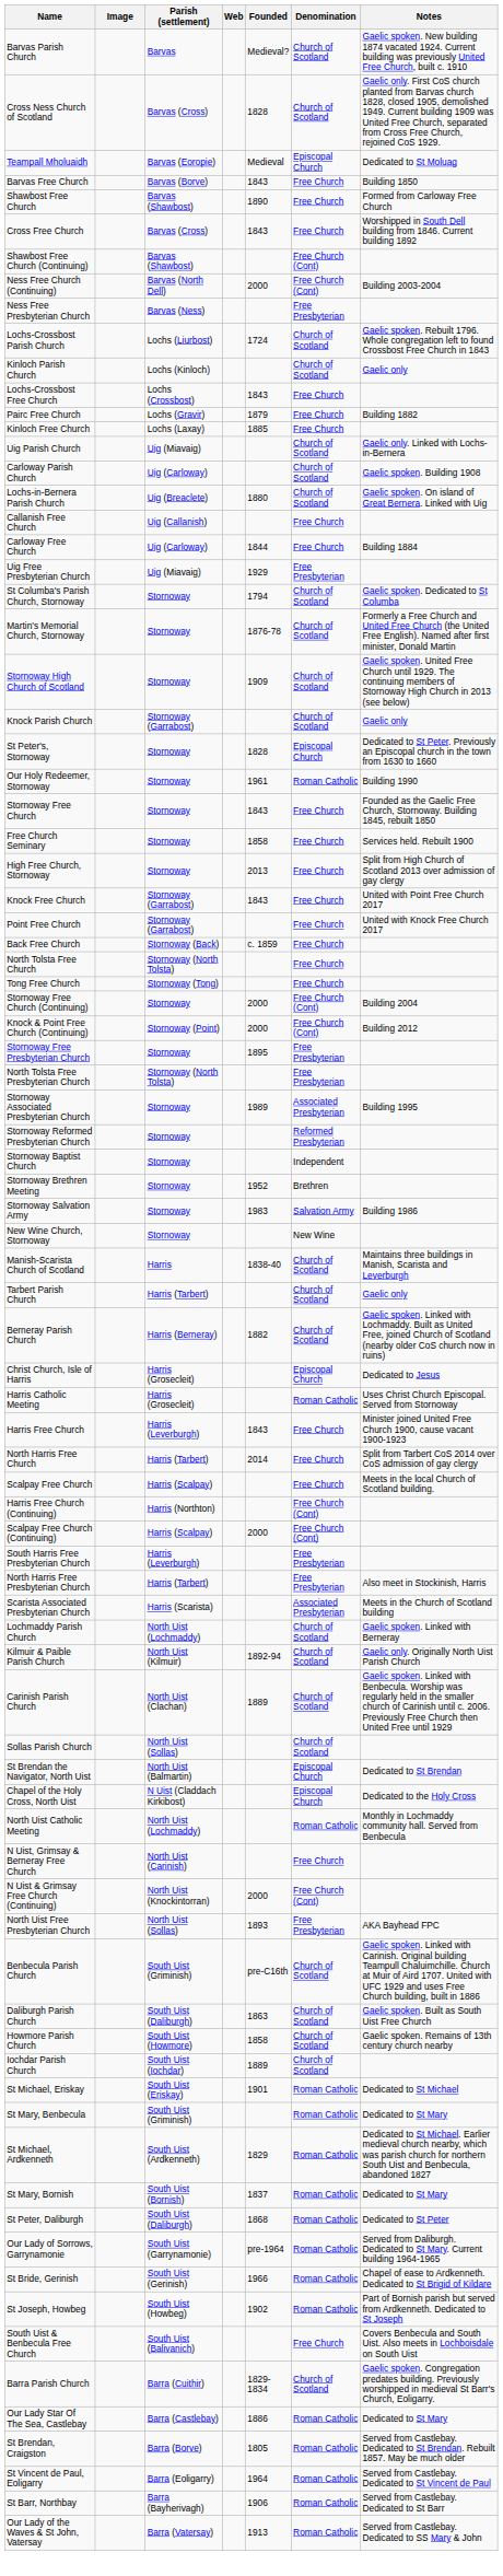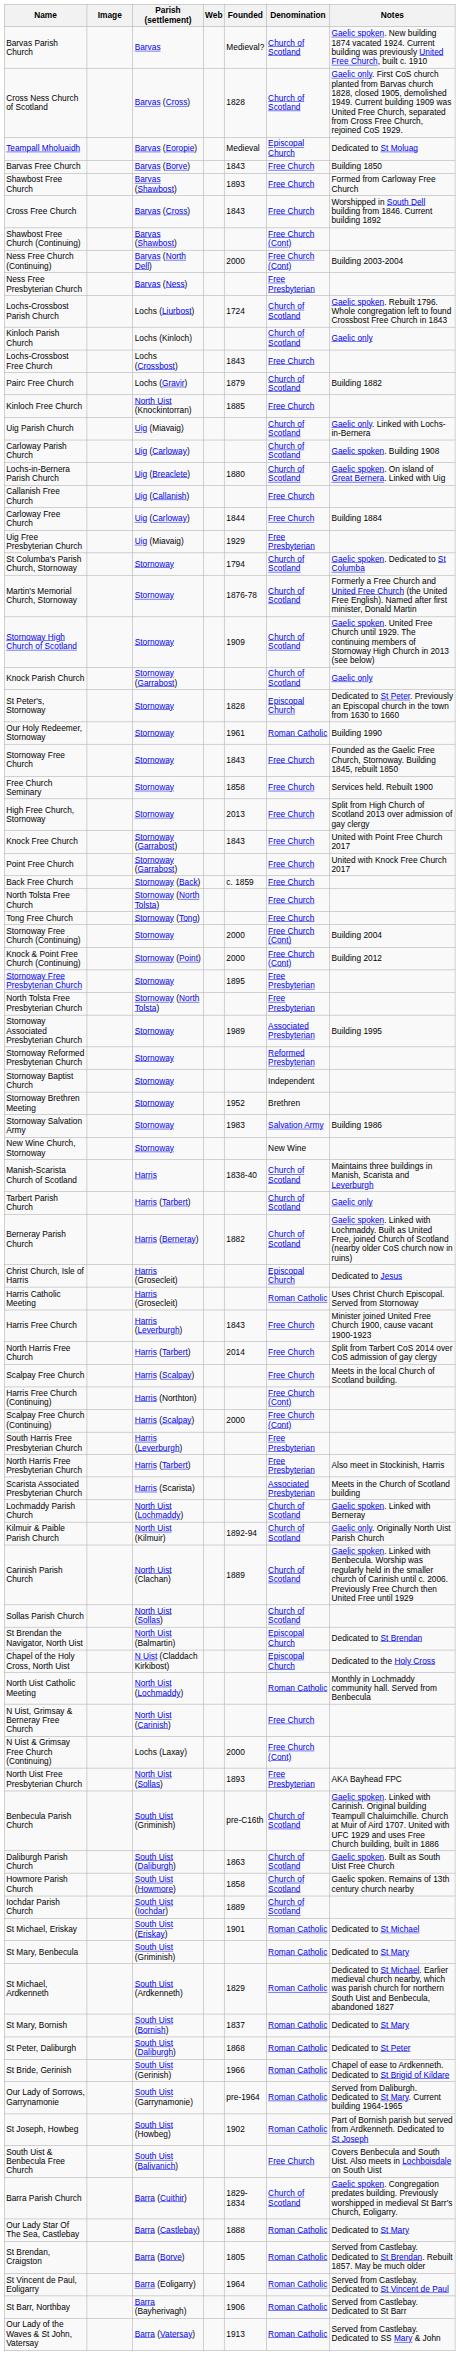 <table class="wikitable sortable">
 <tr>
 <th scope="col" width="250">Name</th>
 <th scope="col" width="150">Image</th>
 <th scope="col" width="160">Parish (settlement)</th>
 <th scope="col" width="25">Web</th>
 <th scope="col" width="65">Founded</th>
 <th scope="col" width="130">Denomination</th>
 <th scope="col" width="500">Notes</th>
 </tr>
 <tr>
 <td>Barvas Parish Church</td>
 <td></td>
 <td><a href='#'>Barvas</a></td>
 <td></td>
 <td>Medieval?</td>
 <td><a href='#'>Church of Scotland</a></td>
 <td><a href='#'>Gaelic spoken</a>. New building 1874 vacated 1924. Current building was previously <a href='#'>United Free Church</a>, built c. 1910</td>
 </tr>
 <tr>
 <td>Cross Ness Church of Scotland</td>
 <td></td>
 <td><a href='#'>Barvas</a> (<a href='#'>Cross</a>)</td>
 <td></td>
 <td>1828</td>
 <td><a href='#'>Church of Scotland</a></td>
 <td><a href='#'>Gaelic only</a>. First CoS church planted from Barvas church 1828, closed 1905, demolished 1949. Current building 1909 was United Free Church, separated from Cross Free Church, rejoined CoS 1929.</td>
 </tr>
 <tr>
 <td><a href='#'>Teampall Mholuaidh</a></td>
 <td></td>
 <td><a href='#'>Barvas</a> (<a href='#'>Eoropie</a>)</td>
 <td></td>
 <td>Medieval</td>
 <td><a href='#'>Episcopal Church</a></td>
 <td>Dedicated to <a href='#'>St Moluag</a></td>
 </tr>
 <tr>
 <td>Barvas Free Church</td>
 <td></td>
 <td><a href='#'>Barvas</a> (<a href='#'>Borve</a>)</td>
 <td></td>
 <td>1843</td>
 <td><a href='#'>Free Church</a></td>
 <td>Building 1850</td>
 </tr>
 <tr>
 <td>Shawbost Free Church</td>
 <td></td>
 <td><a href='#'>Barvas</a> (<a href='#'>Shawbost</a>)</td>
 <td></td>
-<td>1890</td>
+<td>1893</td>
 <td><a href='#'>Free Church</a></td>
 <td>Formed from Carloway Free Church</td>
 </tr>
 <tr>
 <td>Cross Free Church</td>
 <td></td>
 <td><a href='#'>Barvas</a> (<a href='#'>Cross</a>)</td>
 <td></td>
 <td>1843</td>
 <td><a href='#'>Free Church</a></td>
 <td>Worshipped in <a href='#'>South Dell</a> building from 1846. Current building 1892</td>
 </tr>
 <tr>
 <td>Shawbost Free Church (Continuing)</td>
 <td></td>
 <td><a href='#'>Barvas</a> (<a href='#'>Shawbost</a>)</td>
 <td></td>
 <td></td>
 <td><a href='#'>Free Church (Cont)</a></td>
 <td></td>
 </tr>
 <tr>
 <td>Ness Free Church (Continuing)</td>
 <td></td>
 <td><a href='#'>Barvas</a> (<a href='#'>North Dell</a>)</td>
 <td></td>
 <td>2000</td>
 <td><a href='#'>Free Church (Cont)</a></td>
 <td>Building 2003-2004</td>
 </tr>
 <tr>
 <td>Ness Free Presbyterian Church</td>
 <td></td>
 <td><a href='#'>Barvas</a> (<a href='#'>Ness</a>)</td>
 <td></td>
 <td></td>
 <td><a href='#'>Free Presbyterian</a></td>
 <td></td>
 </tr>
 <tr>
 <td>Lochs-Crossbost Parish Church</td>
 <td></td>
 <td>Lochs (<a href='#'>Liurbost</a>)</td>
 <td></td>
 <td>1724</td>
 <td><a href='#'>Church of Scotland</a></td>
 <td><a href='#'>Gaelic spoken</a>. Rebuilt 1796. Whole congregation left to found Crossbost Free Church in 1843</td>
 </tr>
 <tr>
 <td>Kinloch Parish Church</td>
 <td></td>
 <td>Lochs (Kinloch)</td>
 <td></td>
 <td></td>
 <td><a href='#'>Church of Scotland</a></td>
 <td><a href='#'>Gaelic only</a></td>
 </tr>
 <tr>
 <td>Lochs-Crossbost Free Church</td>
 <td></td>
 <td>Lochs (<a href='#'>Crossbost</a>)</td>
 <td></td>
 <td>1843</td>
 <td><a href='#'>Free Church</a></td>
 <td></td>
 </tr>
 <tr>
 <td>Pairc Free Church</td>
 <td></td>
 <td>Lochs (<a href='#'>Gravir</a>)</td>
 <td></td>
 <td>1879</td>
-<td><a href='#'>Free Church</a></td>
+<td><a href='#'>Church of Scotland</a></td>
 <td>Building 1882</td>
 </tr>
 <tr>
 <td>Kinloch Free Church</td>
 <td></td>
-<td>Lochs (Laxay)</td>
+<td><a href='#'>North Uist</a> (Knockintorran)</td>
 <td></td>
 <td>1885</td>
 <td><a href='#'>Free Church</a></td>
 <td></td>
 </tr>
 <tr>
 <td>Uig Parish Church</td>
 <td></td>
 <td><a href='#'>Uig</a> (Miavaig)</td>
 <td></td>
 <td></td>
 <td><a href='#'>Church of Scotland</a></td>
 <td><a href='#'>Gaelic only</a>. Linked with Lochs-in-Bernera</td>
 </tr>
 <tr>
 <td>Carloway Parish Church</td>
 <td></td>
 <td><a href='#'>Uig</a> (<a href='#'>Carloway</a>)</td>
 <td></td>
 <td></td>
 <td><a href='#'>Church of Scotland</a></td>
 <td><a href='#'>Gaelic spoken</a>. Building 1908</td>
 </tr>
 <tr>
 <td>Lochs-in-Bernera Parish Church</td>
 <td></td>
 <td><a href='#'>Uig</a> (<a href='#'>Breaclete</a>)</td>
 <td></td>
 <td>1880</td>
 <td><a href='#'>Church of Scotland</a></td>
 <td><a href='#'>Gaelic spoken</a>. On island of <a href='#'>Great Bernera</a>. Linked with Uig</td>
 </tr>
 <tr>
 <td>Callanish Free Church</td>
 <td></td>
 <td><a href='#'>Uig</a> (<a href='#'>Callanish</a>)</td>
 <td></td>
 <td></td>
 <td><a href='#'>Free Church</a></td>
 <td></td>
 </tr>
 <tr>
 <td>Carloway Free Church</td>
 <td></td>
 <td><a href='#'>Uig</a> (<a href='#'>Carloway</a>)</td>
 <td></td>
 <td>1844</td>
 <td><a href='#'>Free Church</a></td>
 <td>Building 1884</td>
 </tr>
 <tr>
 <td>Uig Free Presbyterian Church</td>
 <td></td>
 <td><a href='#'>Uig</a> (Miavaig)</td>
 <td></td>
 <td>1929</td>
 <td><a href='#'>Free Presbyterian</a></td>
 <td></td>
 </tr>
 <tr>
 <td>St Columba's Parish Church, Stornoway</td>
 <td></td>
 <td><a href='#'>Stornoway</a></td>
 <td></td>
 <td>1794</td>
 <td><a href='#'>Church of Scotland</a></td>
 <td><a href='#'>Gaelic spoken</a>. Dedicated to <a href='#'>St Columba</a></td>
 </tr>
 <tr>
 <td>Martin's Memorial Church, Stornoway</td>
 <td></td>
 <td><a href='#'>Stornoway</a></td>
 <td></td>
 <td>1876-78</td>
 <td><a href='#'>Church of Scotland</a></td>
 <td>Formerly a Free Church and <a href='#'>United Free Church</a> (the United Free English). Named after first minister, Donald Martin</td>
 </tr>
 <tr>
 <td><a href='#'>Stornoway High Church of Scotland</a></td>
 <td></td>
 <td><a href='#'>Stornoway</a></td>
 <td></td>
 <td>1909</td>
 <td><a href='#'>Church of Scotland</a></td>
 <td><a href='#'>Gaelic spoken</a>. United Free Church until 1929. The continuing members of Stornoway High Church in 2013 (see below)</td>
 </tr>
 <tr>
 <td>Knock Parish Church</td>
 <td></td>
 <td><a href='#'>Stornoway</a> (<a href='#'>Garrabost</a>)</td>
 <td></td>
 <td></td>
 <td><a href='#'>Church of Scotland</a></td>
 <td><a href='#'>Gaelic only</a></td>
 </tr>
 <tr>
 <td>St Peter's, Stornoway</td>
 <td></td>
 <td><a href='#'>Stornoway</a></td>
 <td></td>
 <td>1828</td>
 <td><a href='#'>Episcopal Church</a></td>
 <td>Dedicated to <a href='#'>St Peter</a>. Previously an Episcopal church in the town from 1630 to 1660</td>
 </tr>
 <tr>
 <td>Our Holy Redeemer, Stornoway</td>
 <td></td>
 <td><a href='#'>Stornoway</a></td>
 <td></td>
 <td>1961</td>
 <td><a href='#'>Roman Catholic</a></td>
 <td>Building 1990</td>
 </tr>
 <tr>
 <td>Stornoway Free Church</td>
 <td></td>
 <td><a href='#'>Stornoway</a></td>
 <td></td>
 <td>1843</td>
 <td><a href='#'>Free Church</a></td>
 <td>Founded as the Gaelic Free Church, Stornoway. Building 1845, rebuilt 1850</td>
 </tr>
 <tr>
 <td>Free Church Seminary</td>
 <td></td>
 <td><a href='#'>Stornoway</a></td>
 <td></td>
 <td>1858</td>
 <td><a href='#'>Free Church</a></td>
 <td>Services held. Rebuilt 1900</td>
 </tr>
 <tr>
 <td>High Free Church, Stornoway</td>
 <td></td>
 <td><a href='#'>Stornoway</a></td>
 <td></td>
 <td>2013</td>
 <td><a href='#'>Free Church</a></td>
 <td>Split from High Church of Scotland 2013 over admission of gay clergy</td>
 </tr>
 <tr>
 <td>Knock Free Church</td>
 <td></td>
 <td><a href='#'>Stornoway</a> (<a href='#'>Garrabost</a>)</td>
 <td></td>
 <td>1843</td>
 <td><a href='#'>Free Church</a></td>
 <td>United with Point Free Church 2017</td>
 </tr>
 <tr>
 <td>Point Free Church</td>
 <td></td>
 <td><a href='#'>Stornoway</a> (<a href='#'>Garrabost</a>)</td>
 <td></td>
 <td></td>
 <td><a href='#'>Free Church</a></td>
 <td>United with Knock Free Church 2017</td>
 </tr>
 <tr>
 <td>Back Free Church</td>
 <td></td>
 <td><a href='#'>Stornoway</a> (<a href='#'>Back</a>)</td>
 <td></td>
 <td>c. 1859</td>
 <td><a href='#'>Free Church</a></td>
 <td></td>
 </tr>
 <tr>
 <td>North Tolsta Free Church</td>
 <td></td>
 <td><a href='#'>Stornoway</a> (<a href='#'>North Tolsta</a>)</td>
 <td></td>
 <td></td>
 <td><a href='#'>Free Church</a></td>
 <td></td>
 </tr>
 <tr>
 <td>Tong Free Church</td>
 <td></td>
 <td><a href='#'>Stornoway</a> (<a href='#'>Tong</a>)</td>
 <td></td>
 <td></td>
 <td><a href='#'>Free Church</a></td>
 <td></td>
 </tr>
 <tr>
 <td>Stornoway Free Church (Continuing)</td>
 <td></td>
 <td><a href='#'>Stornoway</a></td>
 <td></td>
 <td>2000</td>
 <td><a href='#'>Free Church (Cont)</a></td>
 <td>Building 2004</td>
 </tr>
 <tr>
 <td>Knock & Point Free Church (Continuing)</td>
 <td></td>
 <td><a href='#'>Stornoway</a> (<a href='#'>Point</a>)</td>
 <td></td>
 <td>2000</td>
 <td><a href='#'>Free Church (Cont)</a></td>
 <td>Building 2012</td>
 </tr>
 <tr>
 <td><a href='#'>Stornoway Free Presbyterian Church</a></td>
 <td></td>
 <td><a href='#'>Stornoway</a></td>
 <td></td>
 <td>1895</td>
 <td><a href='#'>Free Presbyterian</a></td>
 <td></td>
 </tr>
 <tr>
 <td>North Tolsta Free Presbyterian Church</td>
 <td></td>
 <td><a href='#'>Stornoway</a> (<a href='#'>North Tolsta</a>)</td>
 <td></td>
 <td></td>
 <td><a href='#'>Free Presbyterian</a></td>
 <td></td>
 </tr>
 <tr>
 <td>Stornoway Associated Presbyterian Church</td>
 <td></td>
 <td><a href='#'>Stornoway</a></td>
 <td></td>
 <td>1989</td>
 <td><a href='#'>Associated Presbyterian</a></td>
 <td>Building 1995</td>
 </tr>
 <tr>
 <td>Stornoway Reformed Presbyterian Church</td>
 <td></td>
 <td><a href='#'>Stornoway</a></td>
 <td></td>
 <td></td>
 <td><a href='#'>Reformed Presbyterian</a></td>
 <td></td>
 </tr>
 <tr>
 <td>Stornoway Baptist Church</td>
 <td></td>
 <td><a href='#'>Stornoway</a></td>
 <td></td>
 <td></td>
 <td>Independent</td>
 <td></td>
 </tr>
 <tr>
 <td>Stornoway Brethren Meeting</td>
 <td></td>
 <td><a href='#'>Stornoway</a></td>
 <td></td>
 <td>1952</td>
 <td>Brethren</td>
 <td></td>
 </tr>
 <tr>
 <td>Stornoway Salvation Army</td>
 <td></td>
 <td><a href='#'>Stornoway</a></td>
 <td></td>
 <td>1983</td>
 <td><a href='#'>Salvation Army</a></td>
 <td>Building 1986</td>
 </tr>
 <tr>
 <td>New Wine Church, Stornoway</td>
 <td></td>
 <td><a href='#'>Stornoway</a></td>
 <td></td>
 <td></td>
 <td>New Wine</td>
 <td></td>
 </tr>
 <tr>
 <td>Manish-Scarista Church of Scotland</td>
 <td></td>
 <td><a href='#'>Harris</a></td>
 <td></td>
 <td>1838-40</td>
 <td><a href='#'>Church of Scotland</a></td>
 <td>Maintains three buildings in Manish, Scarista and <a href='#'>Leverburgh</a></td>
 </tr>
 <tr>
 <td>Tarbert Parish Church</td>
 <td></td>
 <td><a href='#'>Harris</a> (<a href='#'>Tarbert</a>)</td>
 <td></td>
 <td></td>
 <td><a href='#'>Church of Scotland</a></td>
 <td><a href='#'>Gaelic only</a></td>
 </tr>
 <tr>
 <td>Berneray Parish Church</td>
 <td></td>
 <td><a href='#'>Harris</a> (<a href='#'>Berneray</a>)</td>
 <td></td>
 <td>1882</td>
 <td><a href='#'>Church of Scotland</a></td>
 <td><a href='#'>Gaelic spoken</a>. Linked with Lochmaddy. Built as United Free, joined Church of Scotland (nearby older CoS church now in ruins)</td>
 </tr>
 <tr>
 <td>Christ Church, Isle of Harris</td>
 <td></td>
 <td><a href='#'>Harris</a> (Grosecleit)</td>
 <td></td>
 <td></td>
 <td><a href='#'>Episcopal Church</a></td>
 <td>Dedicated to <a href='#'>Jesus</a></td>
 </tr>
 <tr>
 <td>Harris Catholic Meeting</td>
 <td></td>
 <td><a href='#'>Harris</a> (Grosecleit)</td>
 <td></td>
 <td></td>
 <td><a href='#'>Roman Catholic</a></td>
 <td>Uses Christ Church Episcopal. Served from Stornoway</td>
 </tr>
 <tr>
 <td>Harris Free Church</td>
 <td></td>
 <td><a href='#'>Harris</a> (<a href='#'>Leverburgh</a>)</td>
 <td></td>
 <td>1843</td>
 <td><a href='#'>Free Church</a></td>
 <td>Minister joined United Free Church 1900, cause vacant 1900-1923</td>
 </tr>
 <tr>
 <td>North Harris Free Church</td>
 <td></td>
 <td><a href='#'>Harris</a> (<a href='#'>Tarbert</a>)</td>
 <td></td>
 <td>2014</td>
 <td><a href='#'>Free Church</a></td>
 <td>Split from Tarbert CoS 2014 over CoS admission of gay clergy</td>
 </tr>
 <tr>
 <td>Scalpay Free Church</td>
 <td></td>
 <td><a href='#'>Harris</a> (<a href='#'>Scalpay</a>)</td>
 <td></td>
 <td></td>
 <td><a href='#'>Free Church</a></td>
 <td>Meets in the local Church of Scotland building.</td>
 </tr>
 <tr>
 <td>Harris Free Church (Continuing)</td>
 <td></td>
 <td><a href='#'>Harris</a> (Northton)</td>
 <td></td>
 <td></td>
 <td><a href='#'>Free Church (Cont)</a></td>
 <td></td>
 </tr>
 <tr>
 <td>Scalpay Free Church (Continuing)</td>
 <td></td>
 <td><a href='#'>Harris</a> (<a href='#'>Scalpay</a>)</td>
 <td></td>
 <td>2000</td>
 <td><a href='#'>Free Church (Cont)</a></td>
 <td></td>
 </tr>
 <tr>
 <td>South Harris Free Presbyterian Church</td>
 <td></td>
 <td><a href='#'>Harris</a> (<a href='#'>Leverburgh</a>)</td>
 <td></td>
 <td></td>
 <td><a href='#'>Free Presbyterian</a></td>
 <td></td>
 </tr>
 <tr>
 <td>North Harris Free Presbyterian Church</td>
 <td></td>
 <td><a href='#'>Harris</a> (<a href='#'>Tarbert</a>)</td>
 <td></td>
 <td></td>
 <td><a href='#'>Free Presbyterian</a></td>
 <td>Also meet in Stockinish, Harris</td>
 </tr>
 <tr>
 <td>Scarista Associated Presbyterian Church</td>
 <td></td>
 <td><a href='#'>Harris</a> (Scarista)</td>
 <td></td>
 <td></td>
 <td><a href='#'>Associated Presbyterian</a></td>
 <td>Meets in the Church of Scotland building</td>
 </tr>
 <tr>
 <td>Lochmaddy Parish Church</td>
 <td></td>
 <td><a href='#'>North Uist</a> (<a href='#'>Lochmaddy</a>)</td>
 <td></td>
 <td></td>
 <td><a href='#'>Church of Scotland</a></td>
 <td><a href='#'>Gaelic spoken</a>. Linked with Berneray</td>
 </tr>
 <tr>
 <td>Kilmuir & Paible Parish Church</td>
 <td></td>
 <td><a href='#'>North Uist</a> (Kilmuir)</td>
 <td></td>
 <td>1892-94</td>
 <td><a href='#'>Church of Scotland</a></td>
 <td><a href='#'>Gaelic only</a>. Originally North Uist Parish Church</td>
 </tr>
 <tr>
 <td>Carinish Parish Church</td>
 <td></td>
 <td><a href='#'>North Uist</a> (Clachan)</td>
 <td></td>
 <td>1889</td>
 <td><a href='#'>Church of Scotland</a></td>
 <td><a href='#'>Gaelic spoken</a>. Linked with Benbecula. Worship was regularly held in the smaller church of Carinish until c. 2006. Previously Free Church then United Free until 1929</td>
 </tr>
 <tr>
 <td>Sollas Parish Church</td>
 <td></td>
 <td><a href='#'>North Uist</a> (<a href='#'>Sollas</a>)</td>
 <td></td>
 <td></td>
 <td><a href='#'>Church of Scotland</a></td>
 <td></td>
 </tr>
 <tr>
 <td>St Brendan the Navigator, North Uist</td>
 <td></td>
 <td><a href='#'>North Uist</a> (Balmartin)</td>
 <td></td>
 <td></td>
 <td><a href='#'>Episcopal Church</a></td>
 <td>Dedicated to <a href='#'>St Brendan</a></td>
 </tr>
 <tr>
 <td>Chapel of the Holy Cross, North Uist</td>
 <td></td>
 <td><a href='#'>N Uist</a> (Claddach Kirkibost)</td>
 <td></td>
 <td></td>
 <td><a href='#'>Episcopal Church</a></td>
 <td>Dedicated to the <a href='#'>Holy Cross</a></td>
 </tr>
 <tr>
 <td>North Uist Catholic Meeting</td>
 <td></td>
 <td><a href='#'>North Uist</a> (<a href='#'>Lochmaddy</a>)</td>
 <td></td>
 <td></td>
 <td><a href='#'>Roman Catholic</a></td>
 <td>Monthly in Lochmaddy community hall. Served from Benbecula</td>
 </tr>
 <tr>
 <td>N Uist, Grimsay & Berneray Free Church</td>
 <td></td>
 <td><a href='#'>North Uist</a> (<a href='#'>Carinish</a>)</td>
 <td></td>
 <td></td>
 <td><a href='#'>Free Church</a></td>
 <td></td>
 </tr>
 <tr>
 <td>N Uist & Grimsay Free Church (Continuing)</td>
 <td></td>
-<td><a href='#'>North Uist</a> (Knockintorran)</td>
+<td>Lochs (Laxay)</td>
 <td></td>
 <td>2000</td>
 <td><a href='#'>Free Church (Cont)</a></td>
 <td></td>
 </tr>
 <tr>
 <td>North Uist Free Presbyterian Church</td>
 <td></td>
 <td><a href='#'>North Uist</a> (<a href='#'>Sollas</a>)</td>
 <td></td>
 <td>1893</td>
 <td><a href='#'>Free Presbyterian</a></td>
 <td>AKA Bayhead FPC</td>
 </tr>
 <tr>
 <td>Benbecula Parish Church</td>
 <td></td>
 <td><a href='#'>South Uist</a> (Griminish)</td>
 <td></td>
 <td>pre-C16th</td>
 <td><a href='#'>Church of Scotland</a></td>
 <td><a href='#'>Gaelic spoken</a>. Linked with Carinish. Original building Teampull Chaluimchille. Church at Muir of Aird 1707. United with UFC 1929 and uses Free Church building, built in 1886</td>
 </tr>
 <tr>
 <td>Daliburgh Parish Church</td>
 <td></td>
 <td><a href='#'>South Uist</a> (<a href='#'>Daliburgh</a>)</td>
 <td></td>
 <td>1863</td>
 <td><a href='#'>Church of Scotland</a></td>
 <td><a href='#'>Gaelic spoken</a>. Built as South Uist Free Church</td>
 </tr>
 <tr>
 <td>Howmore Parish Church</td>
 <td></td>
 <td><a href='#'>South Uist</a> (<a href='#'>Howmore</a>)</td>
 <td></td>
 <td>1858</td>
 <td><a href='#'>Church of Scotland</a></td>
 <td>Gaelic spoken. Remains of 13th century church nearby</td>
 </tr>
 <tr>
 <td>Iochdar Parish Church</td>
 <td></td>
 <td><a href='#'>South Uist</a> (<a href='#'>Iochdar</a>)</td>
 <td></td>
 <td>1889</td>
 <td><a href='#'>Church of Scotland</a></td>
 <td></td>
 </tr>
 <tr>
 <td>St Michael, Eriskay</td>
 <td></td>
 <td><a href='#'>South Uist</a> (<a href='#'>Eriskay</a>)</td>
 <td></td>
 <td>1901</td>
 <td><a href='#'>Roman Catholic</a></td>
 <td>Dedicated to <a href='#'>St Michael</a></td>
 </tr>
 <tr>
 <td>St Mary, Benbecula</td>
 <td></td>
 <td><a href='#'>South Uist</a> (Griminish)</td>
 <td></td>
 <td></td>
 <td><a href='#'>Roman Catholic</a></td>
 <td>Dedicated to <a href='#'>St Mary</a></td>
 </tr>
 <tr>
 <td>St Michael, Ardkenneth</td>
 <td></td>
 <td><a href='#'>South Uist</a>  (Ardkenneth)</td>
 <td></td>
 <td>1829</td>
 <td><a href='#'>Roman Catholic</a></td>
 <td>Dedicated to <a href='#'>St Michael</a>. Earlier medieval church nearby, which was parish church for northern South Uist and Benbecula, abandoned 1827</td>
 </tr>
 <tr>
 <td>St Mary, Bornish</td>
 <td></td>
 <td><a href='#'>South Uist</a> (<a href='#'>Bornish</a>)</td>
 <td></td>
 <td>1837</td>
 <td><a href='#'>Roman Catholic</a></td>
 <td>Dedicated to <a href='#'>St Mary</a></td>
 </tr>
 <tr>
 <td>St Peter, Daliburgh</td>
 <td></td>
 <td><a href='#'>South Uist</a> (<a href='#'>Daliburgh</a>)</td>
 <td></td>
 <td>1868</td>
 <td><a href='#'>Roman Catholic</a></td>
 <td>Dedicated to <a href='#'>St Peter</a></td>
 </tr>
 <tr>
+<td>St Bride, Gerinish</td>
+<td></td>
+<td><a href='#'>South Uist</a> (Gerinish)</td>
+<td></td>
+<td>1966</td>
+<td><a href='#'>Roman Catholic</a></td>
+<td>Chapel of ease to Ardkenneth. Dedicated to <a href='#'>St Brigid of Kildare</a></td>
+</tr>
+<tr>
 <td>Our Lady of Sorrows, Garrynamonie</td>
 <td></td>
 <td><a href='#'>South Uist</a> (Garrynamonie)</td>
 <td></td>
 <td>pre-1964</td>
 <td><a href='#'>Roman Catholic</a></td>
 <td>Served from Daliburgh. Dedicated to <a href='#'>St Mary</a>. Current building 1964-1965</td>
-</tr>
-<tr>
-<td>St Bride, Gerinish</td>
-<td></td>
-<td><a href='#'>South Uist</a> (Gerinish)</td>
-<td></td>
-<td>1966</td>
-<td><a href='#'>Roman Catholic</a></td>
-<td>Chapel of ease to Ardkenneth. Dedicated to <a href='#'>St Brigid of Kildare</a></td>
 </tr>
 <tr>
 <td>St Joseph, Howbeg</td>
 <td></td>
 <td><a href='#'>South Uist</a> (Howbeg)</td>
 <td></td>
 <td>1902</td>
 <td><a href='#'>Roman Catholic</a></td>
 <td>Part of Bornish parish but served from Ardkenneth. Dedicated to <a href='#'>St Joseph</a></td>
 </tr>
 <tr>
 <td>South Uist & Benbecula Free Church</td>
 <td></td>
 <td><a href='#'>South Uist</a> (<a href='#'>Balivanich</a>)</td>
 <td></td>
 <td></td>
 <td><a href='#'>Free Church</a></td>
 <td>Covers Benbecula and South Uist. Also meets in <a href='#'>Lochboisdale</a> on South Uist</td>
 </tr>
 <tr>
 <td>Barra Parish Church</td>
 <td></td>
 <td><a href='#'>Barra</a> (<a href='#'>Cuithir</a>)</td>
 <td></td>
 <td>1829-1834</td>
 <td><a href='#'>Church of Scotland</a></td>
 <td><a href='#'>Gaelic spoken</a>. Congregation predates building. Previously worshipped in medieval St Barr's Church, Eoligarry.</td>
 </tr>
 <tr>
 <td>Our Lady Star Of The Sea, Castlebay</td>
 <td></td>
 <td><a href='#'>Barra</a> (<a href='#'>Castlebay</a>)</td>
 <td></td>
-<td>1886</td>
+<td>1888</td>
 <td><a href='#'>Roman Catholic</a></td>
 <td>Dedicated to <a href='#'>St Mary</a></td>
 </tr>
 <tr>
 <td>St Brendan, Craigston</td>
 <td></td>
 <td><a href='#'>Barra</a> (<a href='#'>Borve</a>)</td>
 <td></td>
 <td>1805</td>
 <td><a href='#'>Roman Catholic</a></td>
 <td>Served from Castlebay. Dedicated to <a href='#'>St Brendan</a>. Rebuilt 1857. May be much older</td>
 </tr>
 <tr>
 <td>St Vincent de Paul, Eoligarry</td>
 <td></td>
 <td><a href='#'>Barra</a> (Eoligarry)</td>
 <td></td>
 <td>1964</td>
 <td><a href='#'>Roman Catholic</a></td>
 <td>Served from Castlebay. Dedicated to <a href='#'>St Vincent de Paul</a></td>
 </tr>
 <tr>
 <td>St Barr, Northbay</td>
 <td></td>
 <td><a href='#'>Barra</a> (Bayherivagh)</td>
 <td></td>
 <td>1906</td>
 <td><a href='#'>Roman Catholic</a></td>
 <td>Served from Castlebay. Dedicated to St Barr</td>
 </tr>
 <tr>
 <td>Our Lady of the Waves & St John, Vatersay</td>
 <td></td>
 <td><a href='#'>Barra</a> (<a href='#'>Vatersay</a>)</td>
 <td></td>
 <td>1913</td>
 <td><a href='#'>Roman Catholic</a></td>
 <td>Served from Castlebay. Dedicated to SS <a href='#'>Mary</a> & John</td>
 </tr>
 </table>
